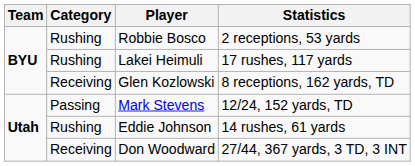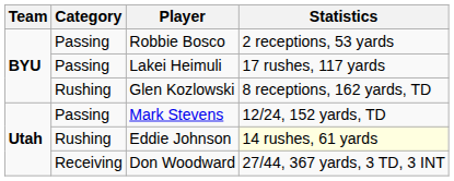 <table class="wikitable" style="float: left;">
 <tr>
 <th>Team</th>
 <th>Category</th>
 <th>Player</th>
 <th>Statistics</th>
 </tr>
 <tr>
 <td rowspan=3><strong>BYU</strong></td>
-<td>Rushing</td>
+<td>Passing</td>
 <td>Robbie Bosco</td>
 <td>2 receptions, 53 yards</td>
 </tr>
 <tr>
-<td>Rushing</td>
+<td>Passing</td>
 <td>Lakei Heimuli</td>
 <td>17 rushes, 117 yards</td>
 </tr>
 <tr>
-<td>Receiving</td>
+<td>Rushing</td>
 <td>Glen Kozlowski</td>
 <td>8 receptions, 162 yards, TD</td>
 </tr>
 <tr>
 <td rowspan=3><strong>Utah</strong></td>
 <td>Passing</td>
 <td><a href='#'>Mark Stevens</a></td>
 <td>12/24, 152 yards, TD</td>
 </tr>
 <tr>
 <td>Rushing</td>
 <td>Eddie Johnson</td>
-<td>14 rushes, 61 yards</td>
+<td style="background: lightyellow;">14 rushes, 61 yards</td>
 </tr>
 <tr>
 <td>Receiving</td>
 <td>Don Woodward</td>
 <td>27/44, 367 yards, 3 TD, 3 INT</td>
 </tr>
 </table>
